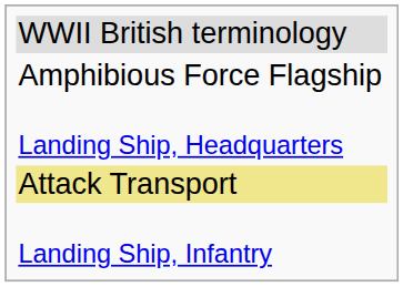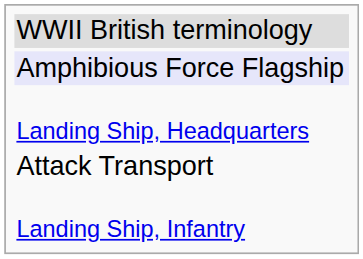 <table class=infobox width=210px>
 <tr>
 <td style="background:#DDDDDD">WWII British terminology</td>
 </tr>
 <tr>
-<td>Amphibious Force Flagship</td>
+<td style="background: lavender;">Amphibious Force Flagship</td>
 </tr>
 <tr>
 <td colspan=2 style="font-size:87%;"><br><a href='#'>Landing Ship, Headquarters</a></td>
 </tr>
 <tr>
-<td style="background: khaki;">Attack Transport</td>
+<td>Attack Transport</td>
 </tr>
 <tr>
 <td colspan=2 style="font-size:87%;"><br><a href='#'>Landing Ship, Infantry</a></td>
 </tr>
 </table>
